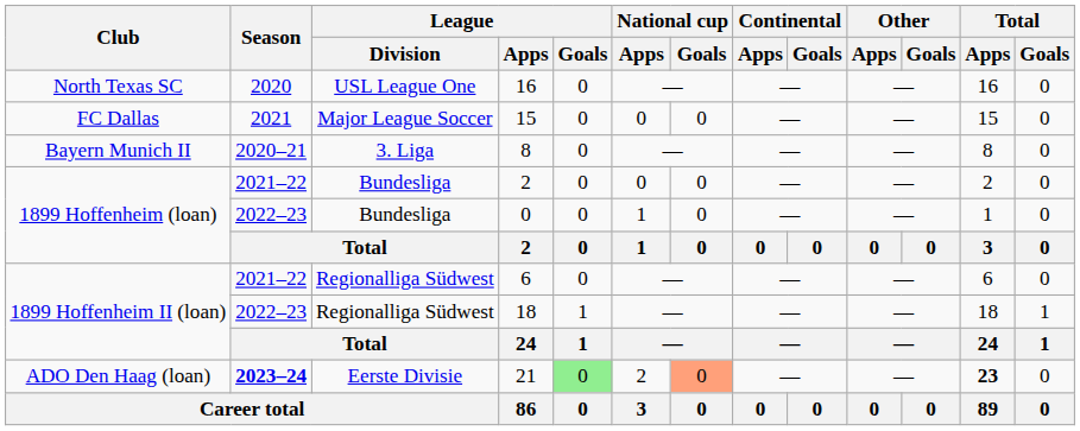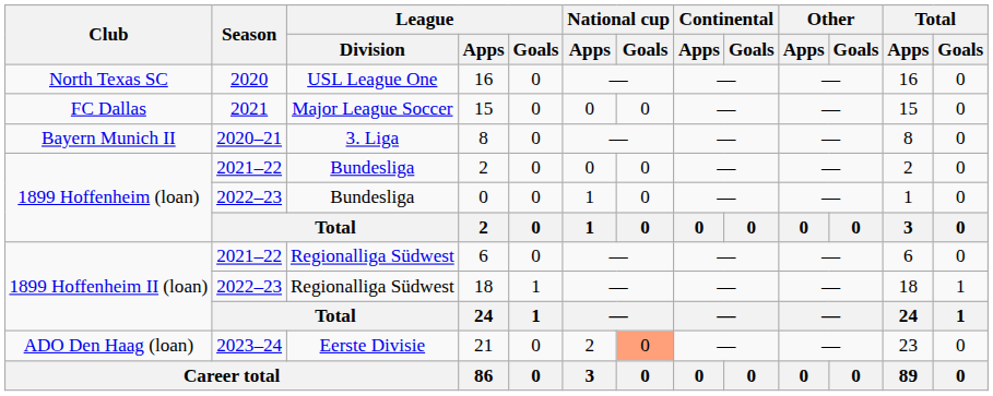 <table class="wikitable" style="text-align: center;">
 <tr>
 <th rowspan="2">Club</th>
 <th rowspan="2">Season</th>
 <th colspan="3">League</th>
 <th colspan="2">National cup</th>
 <th colspan="2">Continental</th>
 <th colspan="2">Other</th>
 <th colspan="2">Total</th>
 </tr>
 <tr>
 <th>Division</th>
 <th>Apps</th>
 <th>Goals</th>
 <th>Apps</th>
 <th>Goals</th>
 <th>Apps</th>
 <th>Goals</th>
 <th>Apps</th>
 <th>Goals</th>
 <th>Apps</th>
 <th>Goals</th>
 </tr>
 <tr>
 <td><a href='#'>North Texas SC</a></td>
 <td><a href='#'>2020</a></td>
 <td><a href='#'>USL League One</a></td>
 <td>16</td>
 <td>0</td>
 <td colspan="2">—</td>
 <td colspan="2">—</td>
 <td colspan="2">—</td>
 <td>16</td>
 <td>0</td>
 </tr>
 <tr>
 <td><a href='#'>FC Dallas</a></td>
 <td><a href='#'>2021</a></td>
 <td><a href='#'>Major League Soccer</a></td>
 <td>15</td>
 <td>0</td>
 <td>0</td>
 <td>0</td>
 <td colspan="2">—</td>
 <td colspan="2">—</td>
 <td>15</td>
 <td>0</td>
 </tr>
 <tr>
 <td><a href='#'>Bayern Munich II</a></td>
 <td><a href='#'>2020–21</a></td>
 <td><a href='#'>3. Liga</a></td>
 <td>8</td>
 <td>0</td>
 <td colspan="2">—</td>
 <td colspan="2">—</td>
 <td colspan="2">—</td>
 <td>8</td>
 <td>0</td>
 </tr>
 <tr>
 <td rowspan="3"><a href='#'>1899 Hoffenheim</a> (loan)</td>
 <td><a href='#'>2021–22</a></td>
 <td><a href='#'>Bundesliga</a></td>
 <td>2</td>
 <td>0</td>
 <td>0</td>
 <td>0</td>
 <td colspan="2">—</td>
 <td colspan="2">—</td>
 <td>2</td>
 <td>0</td>
 </tr>
 <tr>
 <td><a href='#'>2022–23</a></td>
 <td>Bundesliga</td>
 <td>0</td>
 <td>0</td>
 <td>1</td>
 <td>0</td>
 <td colspan="2">—</td>
 <td colspan="2">—</td>
 <td>1</td>
 <td>0</td>
 </tr>
 <tr>
 <th colspan="2">Total</th>
 <th>2</th>
 <th>0</th>
 <th>1</th>
 <th>0</th>
 <th>0</th>
 <th>0</th>
 <th>0</th>
 <th>0</th>
 <th>3</th>
 <th>0</th>
 </tr>
 <tr>
 <td rowspan="3"><a href='#'>1899 Hoffenheim II</a> (loan)</td>
 <td><a href='#'>2021–22</a></td>
 <td><a href='#'>Regionalliga Südwest</a></td>
 <td>6</td>
 <td>0</td>
 <td colspan="2">—</td>
 <td colspan="2">—</td>
 <td colspan="2">—</td>
 <td>6</td>
 <td>0</td>
 </tr>
 <tr>
 <td><a href='#'>2022–23</a></td>
 <td>Regionalliga Südwest</td>
 <td>18</td>
 <td>1</td>
 <td colspan="2">—</td>
 <td colspan="2">—</td>
 <td colspan="2">—</td>
 <td>18</td>
 <td>1</td>
 </tr>
 <tr>
 <th colspan="2">Total</th>
 <th>24</th>
 <th>1</th>
 <th colspan="2">—</th>
 <th colspan="2">—</th>
 <th colspan="2">—</th>
 <th>24</th>
 <th>1</th>
 </tr>
 <tr>
 <td><a href='#'>ADO Den Haag</a> (loan)</td>
-<td><strong><a href='#'>2023–24</a></strong></td>
+<td><a href='#'>2023–24</a></td>
 <td><a href='#'>Eerste Divisie</a></td>
 <td>21</td>
-<td style="background: lightgreen;">0</td>
+<td>0</td>
 <td>2</td>
 <td style="background: lightsalmon;">0</td>
 <td colspan="2">—</td>
 <td colspan="2">—</td>
-<td><strong>23</strong></td>
+<td>23</td>
 <td>0</td>
 </tr>
 <tr>
 <th colspan="3">Career total</th>
 <th>86</th>
 <th>0</th>
 <th>3</th>
 <th>0</th>
 <th>0</th>
 <th>0</th>
 <th>0</th>
 <th>0</th>
 <th>89</th>
 <th>0</th>
 </tr>
 </table>
